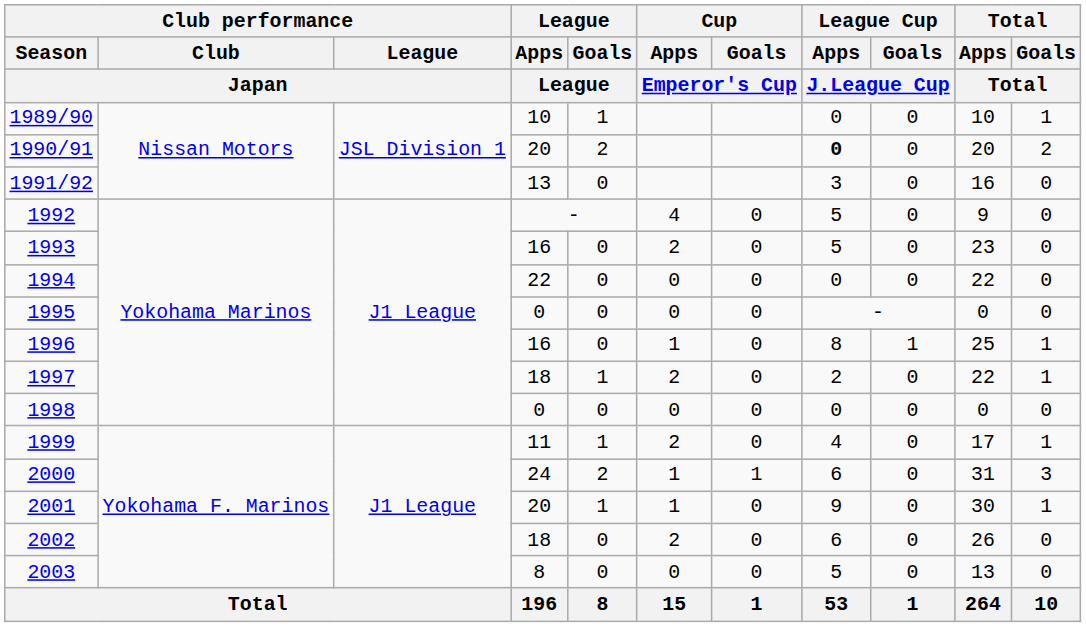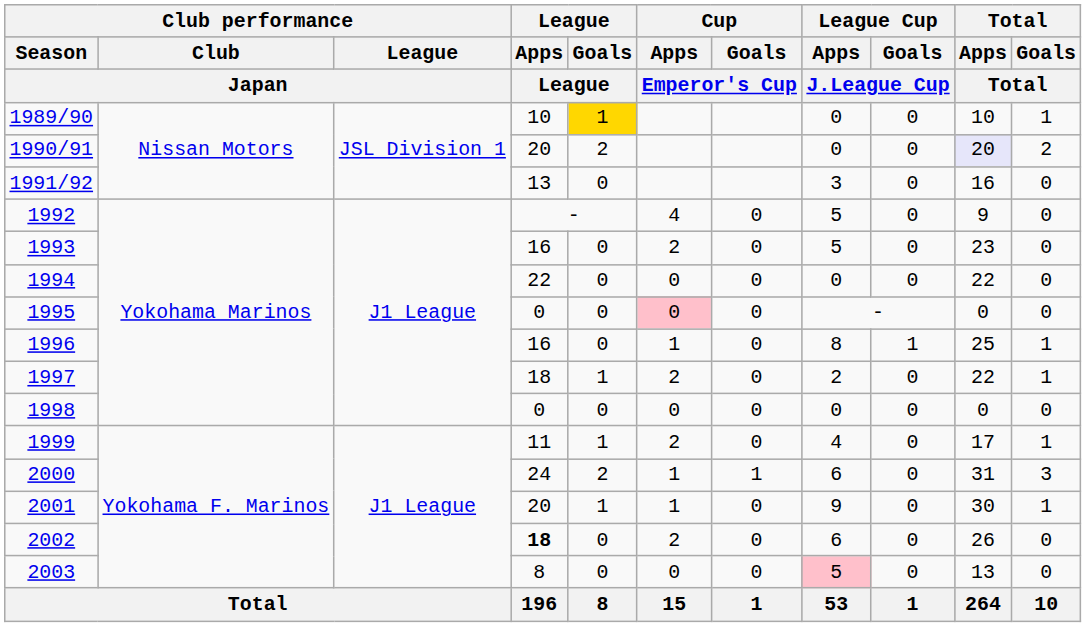 <table class="wikitable" style="text-align:center;">
 <tr>
 <th colspan=3>Club performance</th>
 <th colspan=2>League</th>
 <th colspan=2>Cup</th>
 <th colspan=2>League Cup</th>
 <th colspan=2>Total</th>
 </tr>
 <tr>
 <th>Season</th>
 <th>Club</th>
 <th>League</th>
 <th>Apps</th>
 <th>Goals</th>
 <th>Apps</th>
 <th>Goals</th>
 <th>Apps</th>
 <th>Goals</th>
 <th>Apps</th>
 <th>Goals</th>
 </tr>
 <tr>
 <th colspan=3>Japan</th>
 <th colspan=2>League</th>
 <th colspan=2><a href='#'>Emperor's Cup</a></th>
 <th colspan=2><a href='#'>J.League Cup</a></th>
 <th colspan=2>Total</th>
 </tr>
 <tr>
 <td><a href='#'>1989/90</a></td>
 <td rowspan="3"><a href='#'>Nissan Motors</a></td>
 <td rowspan="3"><a href='#'>JSL Division 1</a></td>
 <td>10</td>
-<td>1</td>
+<td style="background: gold;">1</td>
 <td></td>
 <td></td>
 <td>0</td>
 <td>0</td>
 <td>10</td>
 <td>1</td>
 </tr>
 <tr>
 <td><a href='#'>1990/91</a></td>
 <td>20</td>
 <td>2</td>
 <td></td>
 <td></td>
-<td><strong>0</strong></td>
 <td>0</td>
-<td>20</td>
+<td>0</td>
+<td style="background: lavender;">20</td>
 <td>2</td>
 </tr>
 <tr>
 <td><a href='#'>1991/92</a></td>
 <td>13</td>
 <td>0</td>
 <td></td>
 <td></td>
 <td>3</td>
 <td>0</td>
 <td>16</td>
 <td>0</td>
 </tr>
 <tr>
 <td><a href='#'>1992</a></td>
 <td rowspan="7"><a href='#'>Yokohama Marinos</a></td>
 <td rowspan="7"><a href='#'>J1 League</a></td>
 <td colspan="2">-</td>
 <td>4</td>
 <td>0</td>
 <td>5</td>
 <td>0</td>
 <td>9</td>
 <td>0</td>
 </tr>
 <tr>
 <td><a href='#'>1993</a></td>
 <td>16</td>
 <td>0</td>
 <td>2</td>
 <td>0</td>
 <td>5</td>
 <td>0</td>
 <td>23</td>
 <td>0</td>
 </tr>
 <tr>
 <td><a href='#'>1994</a></td>
 <td>22</td>
 <td>0</td>
 <td>0</td>
 <td>0</td>
 <td>0</td>
 <td>0</td>
 <td>22</td>
 <td>0</td>
 </tr>
 <tr>
 <td><a href='#'>1995</a></td>
 <td>0</td>
 <td>0</td>
-<td>0</td>
+<td style="background: pink;">0</td>
 <td>0</td>
 <td colspan="2">-</td>
 <td>0</td>
 <td>0</td>
 </tr>
 <tr>
 <td><a href='#'>1996</a></td>
 <td>16</td>
 <td>0</td>
 <td>1</td>
 <td>0</td>
 <td>8</td>
 <td>1</td>
 <td>25</td>
 <td>1</td>
 </tr>
 <tr>
 <td><a href='#'>1997</a></td>
 <td>18</td>
 <td>1</td>
 <td>2</td>
 <td>0</td>
 <td>2</td>
 <td>0</td>
 <td>22</td>
 <td>1</td>
 </tr>
 <tr>
 <td><a href='#'>1998</a></td>
 <td>0</td>
 <td>0</td>
 <td>0</td>
 <td>0</td>
 <td>0</td>
 <td>0</td>
 <td>0</td>
 <td>0</td>
 </tr>
 <tr>
 <td><a href='#'>1999</a></td>
 <td rowspan="5"><a href='#'>Yokohama F. Marinos</a></td>
 <td rowspan="5"><a href='#'>J1 League</a></td>
 <td>11</td>
 <td>1</td>
 <td>2</td>
 <td>0</td>
 <td>4</td>
 <td>0</td>
 <td>17</td>
 <td>1</td>
 </tr>
 <tr>
 <td><a href='#'>2000</a></td>
 <td>24</td>
 <td>2</td>
 <td>1</td>
 <td>1</td>
 <td>6</td>
 <td>0</td>
 <td>31</td>
 <td>3</td>
 </tr>
 <tr>
 <td><a href='#'>2001</a></td>
 <td>20</td>
 <td>1</td>
 <td>1</td>
 <td>0</td>
 <td>9</td>
 <td>0</td>
 <td>30</td>
 <td>1</td>
 </tr>
 <tr>
 <td><a href='#'>2002</a></td>
-<td>18</td>
+<td><strong>18</strong></td>
 <td>0</td>
 <td>2</td>
 <td>0</td>
 <td>6</td>
 <td>0</td>
 <td>26</td>
 <td>0</td>
 </tr>
 <tr>
 <td><a href='#'>2003</a></td>
 <td>8</td>
 <td>0</td>
 <td>0</td>
 <td>0</td>
-<td>5</td>
+<td style="background: pink;">5</td>
 <td>0</td>
 <td>13</td>
 <td>0</td>
 </tr>
 <tr>
 <th colspan=3>Total</th>
 <th>196</th>
 <th>8</th>
 <th>15</th>
 <th>1</th>
 <th>53</th>
 <th>1</th>
 <th>264</th>
 <th>10</th>
 </tr>
 </table>
